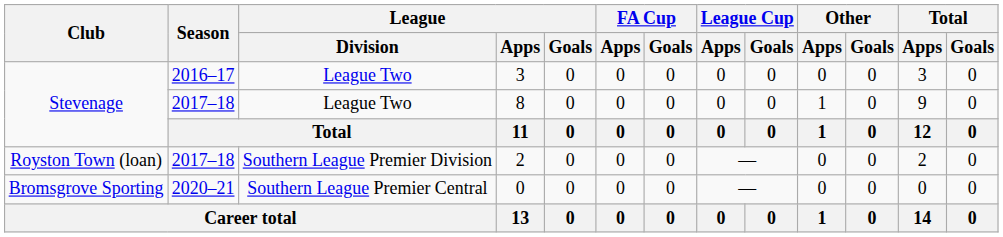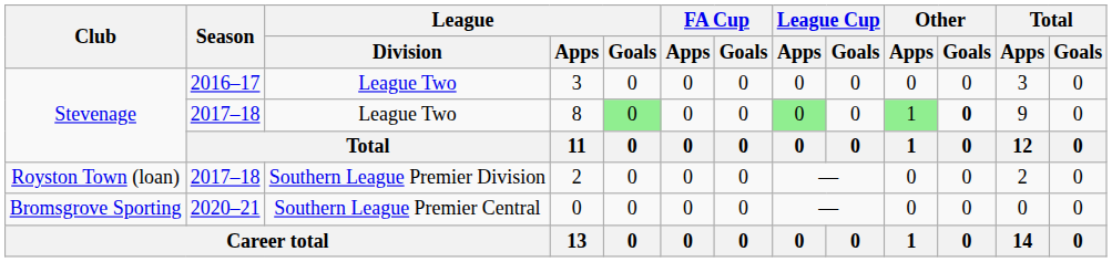 <table class="wikitable" style="text-align: center">
 <tr>
 <th rowspan="2">Club</th>
 <th rowspan="2">Season</th>
 <th colspan="3">League</th>
 <th colspan="2"><a href='#'>FA Cup</a></th>
 <th colspan="2"><a href='#'>League Cup</a></th>
 <th colspan="2">Other</th>
 <th colspan="2">Total</th>
 </tr>
 <tr>
 <th>Division</th>
 <th>Apps</th>
 <th>Goals</th>
 <th>Apps</th>
 <th>Goals</th>
 <th>Apps</th>
 <th>Goals</th>
 <th>Apps</th>
 <th>Goals</th>
 <th>Apps</th>
 <th>Goals</th>
 </tr>
 <tr>
 <td rowspan="3"><a href='#'>Stevenage</a></td>
 <td><a href='#'>2016–17</a></td>
 <td rowspan="1"><a href='#'>League Two</a></td>
 <td>3</td>
 <td>0</td>
 <td>0</td>
 <td>0</td>
 <td>0</td>
 <td>0</td>
 <td>0</td>
 <td>0</td>
 <td>3</td>
 <td>0</td>
 </tr>
 <tr>
 <td><a href='#'>2017–18</a></td>
 <td rowspan="1">League Two</td>
 <td>8</td>
+<td style="background: lightgreen;">0</td>
 <td>0</td>
 <td>0</td>
+<td style="background: lightgreen;">0</td>
 <td>0</td>
-<td>0</td>
-<td>0</td>
-<td>1</td>
-<td>0</td>
+<td style="background: lightgreen;">1</td>
+<td><strong>0</strong></td>
 <td>9</td>
 <td>0</td>
 </tr>
 <tr>
 <th colspan=2>Total</th>
 <th>11</th>
 <th>0</th>
 <th>0</th>
 <th>0</th>
 <th>0</th>
 <th>0</th>
 <th>1</th>
 <th>0</th>
 <th>12</th>
 <th>0</th>
 </tr>
 <tr>
 <td rowspan="1"><a href='#'>Royston Town</a> (loan)</td>
 <td><a href='#'>2017–18</a></td>
 <td><a href='#'>Southern League</a> Premier Division</td>
 <td>2</td>
 <td>0</td>
 <td>0</td>
 <td>0</td>
 <td colspan="2">—</td>
 <td>0</td>
 <td>0</td>
 <td>2</td>
 <td>0</td>
 </tr>
 <tr>
 <td><a href='#'>Bromsgrove Sporting</a></td>
 <td><a href='#'>2020–21</a></td>
 <td><a href='#'>Southern League</a> Premier Central</td>
 <td>0</td>
 <td>0</td>
 <td>0</td>
 <td>0</td>
 <td colspan="2">—</td>
 <td>0</td>
 <td>0</td>
 <td>0</td>
 <td>0</td>
 </tr>
 <tr>
 <th colspan=3>Career total</th>
 <th>13</th>
 <th>0</th>
 <th>0</th>
 <th>0</th>
 <th>0</th>
 <th>0</th>
 <th>1</th>
 <th>0</th>
 <th>14</th>
 <th>0</th>
 </tr>
 </table>
